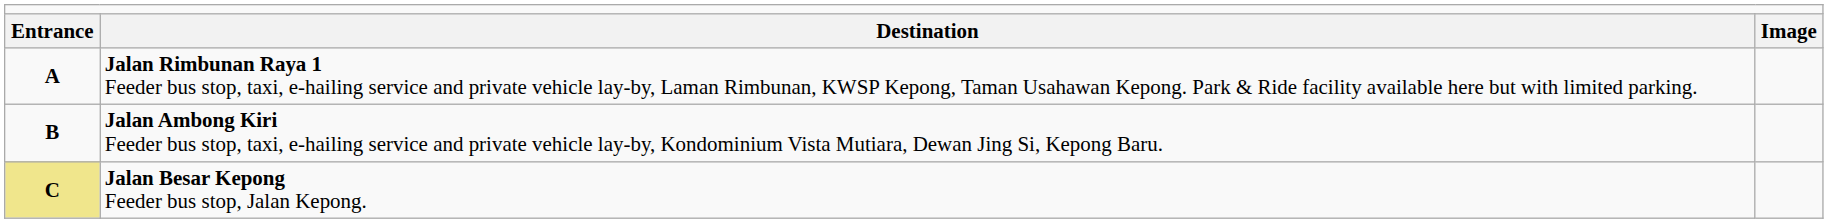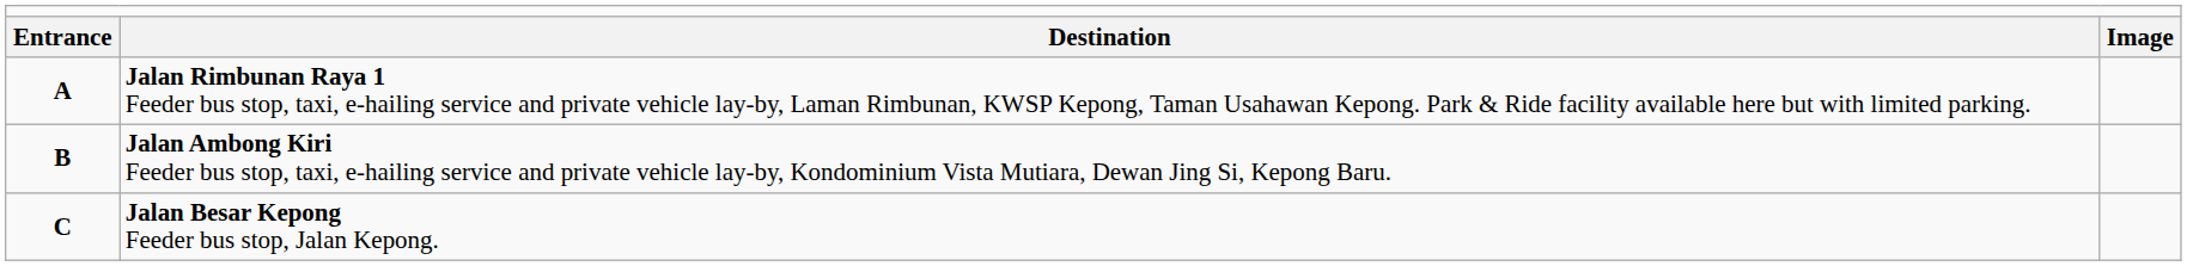 <table class="wikitable" style="width:70%">
 <tr>
 <td colspan="4" align="center"></td>
 </tr>
 <tr>
 <th>Entrance</th>
 <th>Destination</th>
 <th>Image</th>
 </tr>
 <tr>
 <td align="center"><strong><span>A</span></strong></td>
 <td><strong>Jalan Rimbunan Raya 1</strong>   <br> Feeder bus stop, taxi, e-hailing service and private vehicle lay-by, Laman Rimbunan, KWSP Kepong, Taman Usahawan Kepong. Park & Ride facility available here but with limited parking.</td>
 <td></td>
 </tr>
 <tr>
 <td align="center"><strong><span>B</span></strong></td>
 <td><strong>Jalan Ambong Kiri</strong>     <br>Feeder bus stop, taxi, e-hailing service and private vehicle lay-by, Kondominium Vista Mutiara, Dewan Jing Si, Kepong Baru.</td>
 <td></td>
 </tr>
 <tr>
-<td align="center" style="background: khaki;"><strong><span>C</span></strong></td>
+<td align="center"><strong><span>C</span></strong></td>
 <td><strong>Jalan Besar Kepong</strong>  <br>Feeder bus stop, Jalan Kepong.</td>
 <td></td>
 </tr>
 </table>
